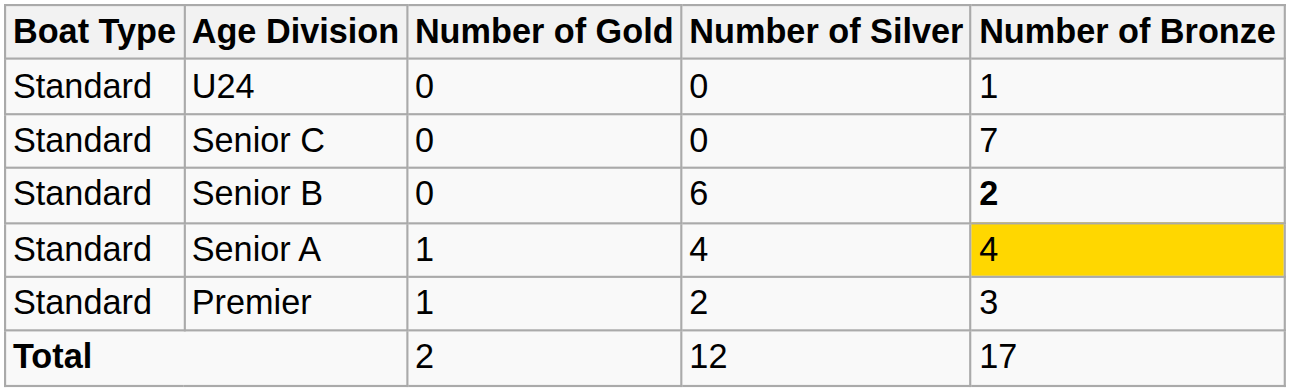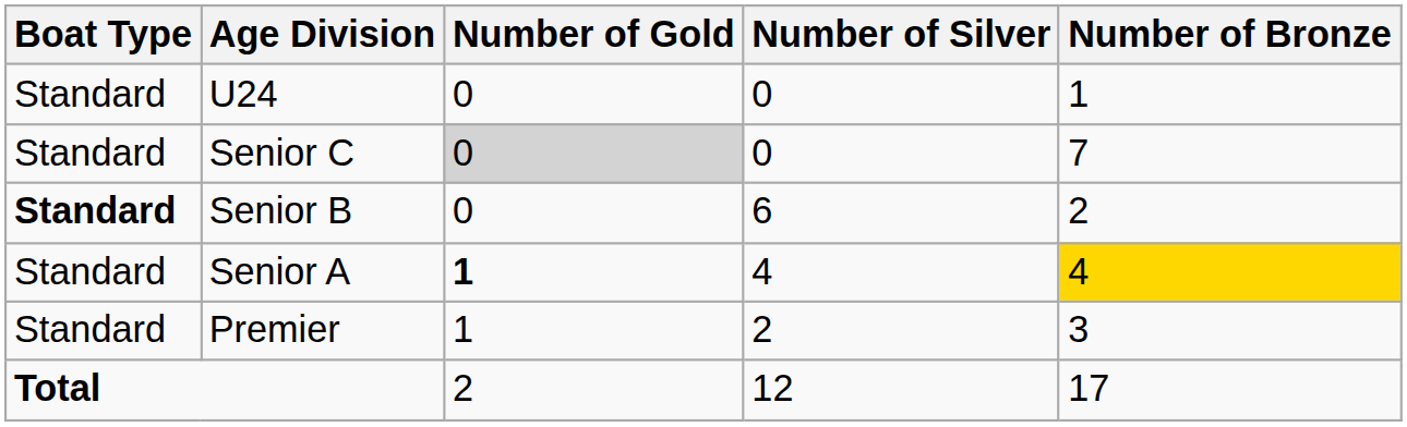 <table class="wikitable sortable">
 <tr>
 <th>Boat Type</th>
 <th>Age Division</th>
 <th>Number of Gold</th>
 <th>Number of Silver</th>
 <th>Number of Bronze</th>
 </tr>
 <tr>
 <td>Standard</td>
 <td>U24</td>
 <td>0</td>
 <td>0</td>
 <td>1</td>
 </tr>
 <tr>
 <td>Standard</td>
 <td>Senior C</td>
-<td>0</td>
+<td style="background: lightgrey;">0</td>
 <td>0</td>
 <td>7</td>
 </tr>
 <tr>
-<td>Standard</td>
+<td><strong>Standard</strong></td>
 <td>Senior B</td>
 <td>0</td>
 <td>6</td>
-<td><strong>2</strong></td>
+<td>2</td>
 </tr>
 <tr>
 <td>Standard</td>
 <td>Senior A</td>
-<td>1</td>
+<td><strong>1</strong></td>
 <td>4</td>
 <td style="background: gold;">4</td>
 </tr>
 <tr>
 <td>Standard</td>
 <td>Premier</td>
 <td>1</td>
 <td>2</td>
 <td>3</td>
 </tr>
 <tr>
 <td colspan="2"><strong>Total</strong></td>
 <td>2</td>
 <td>12</td>
 <td>17</td>
 </tr>
 </table>
